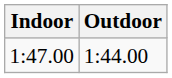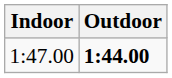 <table class="wikitable" border="1" align="upright">
 <tr>
 <th>Indoor</th>
 <th>Outdoor</th>
 </tr>
 <tr>
 <td>1:47.00</td>
-<td>1:44.00</td>
+<td><strong>1:44.00</strong></td>
 </tr>
 </table>
